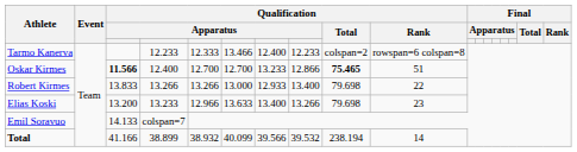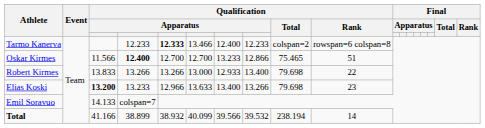 <table class="wikitable" style="font-size:90%">
 <tr>
 <th rowspan=3>Athlete</th>
 <th rowspan=3>Event</th>
 <th colspan =8>Qualification</th>
 <th colspan =8>Final</th>
 </tr>
 <tr style="font-size:95%">
 <th colspan=6>Apparatus</th>
 <th rowspan=2>Total</th>
 <th rowspan=2>Rank</th>
 <th colspan=6>Apparatus</th>
 <th rowspan=2>Total</th>
 <th rowspan=2>Rank</th>
 </tr>
 <tr style="font-size:95%">
 <th></th>
 <th></th>
 <th></th>
 <th></th>
 <th></th>
 <th></th>
 <th></th>
 <th></th>
 <th></th>
 <th></th>
 <th></th>
 <th></th>
 </tr>
 <tr align=center>
 <td align=left><a href='#'>Tarmo Kanerva</a></td>
 <td align=left rowspan=6>Team</td>
 <td></td>
 <td>12.233</td>
-<td>12.333</td>
+<td><strong>12.333</strong></td>
 <td>13.466</td>
 <td>12.400</td>
 <td>12.233</td>
 <td>colspan=2</td>
 <td>rowspan=6 colspan=8</td>
 </tr>
 <tr align=center>
 <td align=left><a href='#'>Oskar Kirmes</a></td>
-<td><strong>11.566</strong></td>
-<td>12.400</td>
+<td>11.566</td>
+<td><strong>12.400</strong></td>
 <td>12.700</td>
 <td>12.700</td>
 <td>13.233</td>
 <td>12.866</td>
-<td><strong>75.465</strong></td>
+<td>75.465</td>
 <td>51</td>
 </tr>
 <tr align=center>
 <td align=left><a href='#'>Robert Kirmes</a></td>
 <td>13.833</td>
 <td>13.266</td>
 <td>13.266</td>
 <td>13.000</td>
 <td>12.933</td>
 <td>13.400</td>
 <td>79.698</td>
 <td>22</td>
 </tr>
 <tr align=center>
 <td align=left><a href='#'>Elias Koski</a></td>
-<td>13.200</td>
+<td><strong>13.200</strong></td>
 <td>13.233</td>
 <td>12.966</td>
 <td>13.633</td>
 <td>13.400</td>
 <td>13.266</td>
 <td>79.698</td>
 <td>23</td>
 </tr>
 <tr align=center>
 <td align=left><a href='#'>Emil Soravuo</a></td>
 <td>14.133</td>
 <td>colspan=7</td>
 </tr>
 <tr align=center>
 <td align=left><strong>Total</strong></td>
 <td>41.166</td>
 <td>38.899</td>
 <td>38.932</td>
 <td>40.099</td>
 <td>39.566</td>
 <td>39.532</td>
 <td>238.194</td>
 <td>14</td>
 </tr>
 </table>
